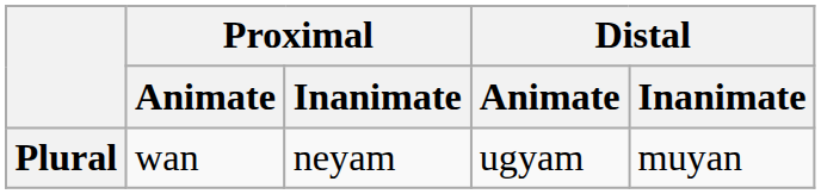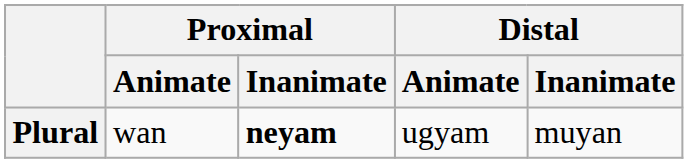 <table class="wikitable">
 <tr>
 <th rowspan="2"></th>
 <th colspan="2">Proximal</th>
 <th colspan="2">Distal</th>
 </tr>
 <tr>
 <th>Animate</th>
 <th>Inanimate</th>
 <th>Animate</th>
 <th>Inanimate</th>
 </tr>
 <tr>
 <th>Plural</th>
 <td>wan</td>
-<td>neyam</td>
+<td><strong>neyam</strong></td>
 <td>ugyam</td>
 <td>muyan</td>
 </tr>
 </table>
